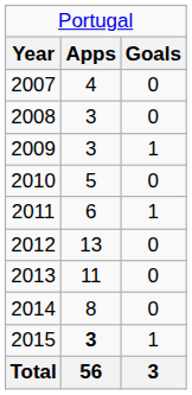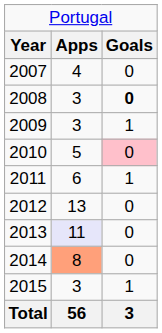 <table class="wikitable" style="text-align:center">
 <tr>
 <td colspan=3><a href='#'>Portugal</a></td>
 </tr>
 <tr>
 <th>Year</th>
 <th>Apps</th>
 <th>Goals</th>
 </tr>
 <tr>
 <td>2007</td>
 <td>4</td>
 <td>0</td>
 </tr>
 <tr>
 <td>2008</td>
 <td>3</td>
-<td>0</td>
+<td><strong>0</strong></td>
 </tr>
 <tr>
 <td>2009</td>
 <td>3</td>
 <td>1</td>
 </tr>
 <tr>
 <td>2010</td>
 <td>5</td>
-<td>0</td>
+<td style="background: pink;">0</td>
 </tr>
 <tr>
 <td>2011</td>
 <td>6</td>
 <td>1</td>
 </tr>
 <tr>
 <td>2012</td>
 <td>13</td>
 <td>0</td>
 </tr>
 <tr>
 <td>2013</td>
-<td>11</td>
+<td style="background: lavender;">11</td>
 <td>0</td>
 </tr>
 <tr>
 <td>2014</td>
-<td>8</td>
+<td style="background: lightsalmon;">8</td>
 <td>0</td>
 </tr>
 <tr>
 <td>2015</td>
-<td><strong>3</strong></td>
+<td>3</td>
 <td>1</td>
 </tr>
 <tr>
 <th>Total</th>
 <th>56</th>
 <th>3</th>
 </tr>
 </table>
